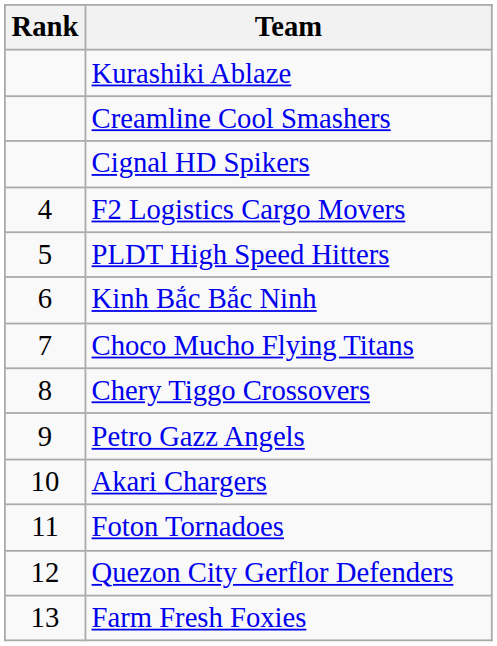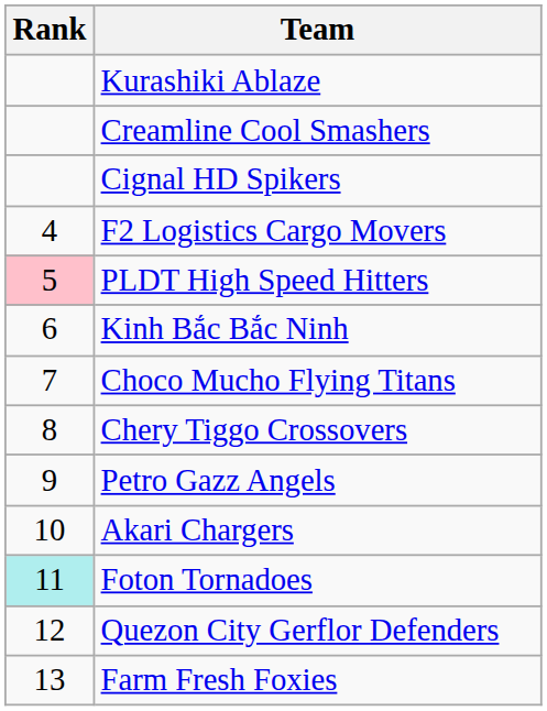 <table class="wikitable" style="text-align: center">
 <tr>
 <th width=>Rank</th>
 <th width=220>Team</th>
 </tr>
 <tr>
 <td></td>
 <td align="left"><a href='#'>Kurashiki Ablaze</a></td>
 </tr>
 <tr>
 <td></td>
 <td align="left"><a href='#'>Creamline Cool Smashers</a></td>
 </tr>
 <tr>
 <td></td>
 <td align="left"><a href='#'>Cignal HD Spikers</a></td>
 </tr>
 <tr>
 <td>4</td>
 <td align="left"><a href='#'>F2 Logistics Cargo Movers</a></td>
 </tr>
 <tr>
-<td>5</td>
+<td style="background: pink;">5</td>
 <td align="left"><a href='#'>PLDT High Speed Hitters</a></td>
 </tr>
 <tr>
 <td>6</td>
 <td align="left"><a href='#'>Kinh Bắc Bắc Ninh</a></td>
 </tr>
 <tr>
 <td>7</td>
 <td align="left"><a href='#'>Choco Mucho Flying Titans</a></td>
 </tr>
 <tr>
 <td>8</td>
 <td align="left"><a href='#'>Chery Tiggo Crossovers</a></td>
 </tr>
 <tr>
 <td>9</td>
 <td align="left"><a href='#'>Petro Gazz Angels</a></td>
 </tr>
 <tr>
 <td>10</td>
 <td align="left"><a href='#'>Akari Chargers</a></td>
 </tr>
 <tr>
-<td>11</td>
+<td style="background: paleturquoise;">11</td>
 <td align="left"><a href='#'>Foton Tornadoes</a></td>
 </tr>
 <tr>
 <td>12</td>
 <td align="left"><a href='#'>Quezon City Gerflor Defenders</a></td>
 </tr>
 <tr>
 <td>13</td>
 <td align="left"><a href='#'>Farm Fresh Foxies</a></td>
 </tr>
 </table>
